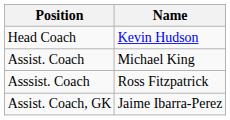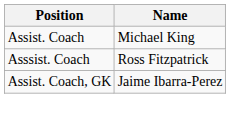 <table class= wikitable>
 <tr>
 <th width=px>Position</th>
 <th width=px>Name</th>
-</tr>
-<tr>
-<td>Head Coach</td>
-<td> <a href='#'>Kevin Hudson</a></td>
 </tr>
 <tr>
 <td>Assist. Coach</td>
 <td> Michael King</td>
 </tr>
 <tr>
 <td>Asssist. Coach</td>
 <td> Ross Fitzpatrick</td>
 </tr>
 <tr>
 <td>Assist. Coach, GK</td>
 <td> Jaime Ibarra-Perez</td>
 </tr>
 </table>
